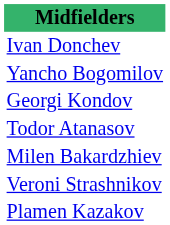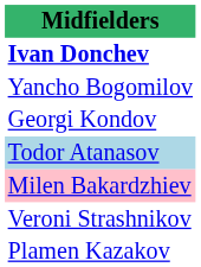 <table class="toccolours" border="0" cellpadding="2" cellspacing="0" align=left style="margin:0.5em;">
 <tr>
 <th colspan="4" align="center" bgcolor="#34B36B"><span>Midfielders</span></th>
 </tr>
 <tr>
-<td> <a href='#'>Ivan Donchev</a></td>
+<td><strong> <a href='#'>Ivan Donchev</a></strong></td>
 </tr>
 <tr>
 <td> <a href='#'>Yancho Bogomilov</a></td>
 </tr>
 <tr>
 <td> <a href='#'>Georgi Kondov</a></td>
 </tr>
 <tr>
-<td> <a href='#'>Todor Atanasov</a></td>
+<td style="background: lightblue;"> <a href='#'>Todor Atanasov</a></td>
 </tr>
 <tr>
-<td> <a href='#'>Milen Bakardzhiev</a></td>
+<td style="background: pink;"> <a href='#'>Milen Bakardzhiev</a></td>
 </tr>
 <tr>
 <td> <a href='#'>Veroni Strashnikov</a></td>
 </tr>
 <tr>
 <td> <a href='#'>Plamen Kazakov</a></td>
 </tr>
 <tr>
 </tr>
 </table>
